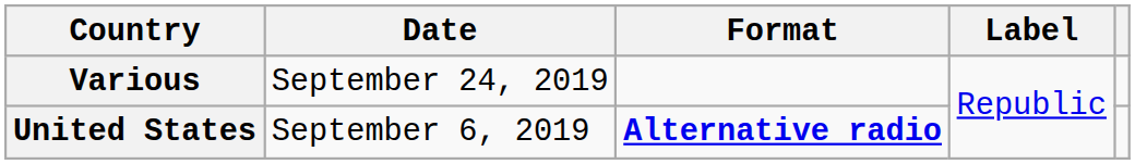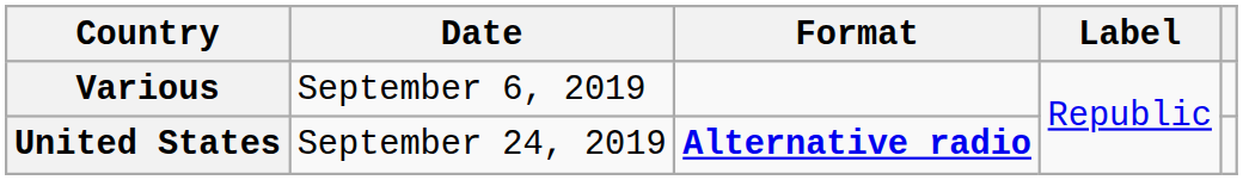 <table class="wikitable plainrowheaders">
 <tr>
 <th scope="col">Country</th>
 <th scope="col">Date</th>
 <th scope="col">Format</th>
 <th scope="col">Label</th>
 <th scope="col"></th>
 </tr>
 <tr>
 <th scope="row">Various</th>
-<td>September 24, 2019</td>
+<td>September 6, 2019</td>
 <td></td>
 <td rowspan="2"><a href='#'>Republic</a></td>
 <td align="center"></td>
 </tr>
 <tr>
 <th scope="row">United States</th>
-<td>September 6, 2019</td>
+<td>September 24, 2019</td>
 <td><strong><a href='#'>Alternative radio</a></strong></td>
 <td align="center"></td>
 </tr>
 </table>
